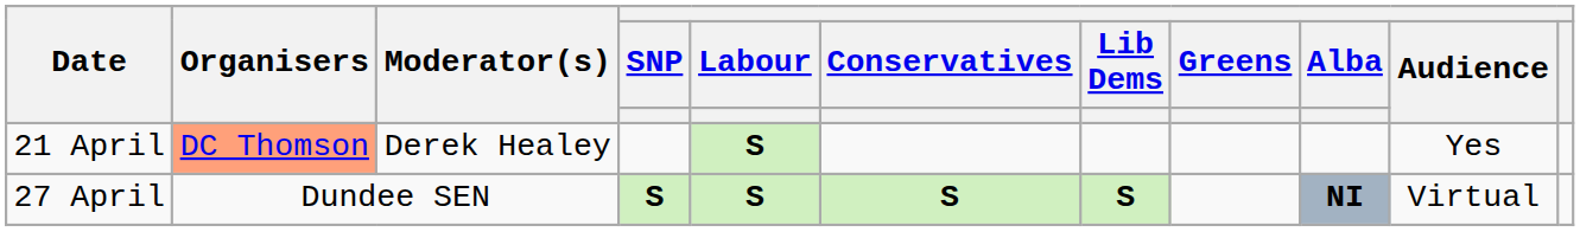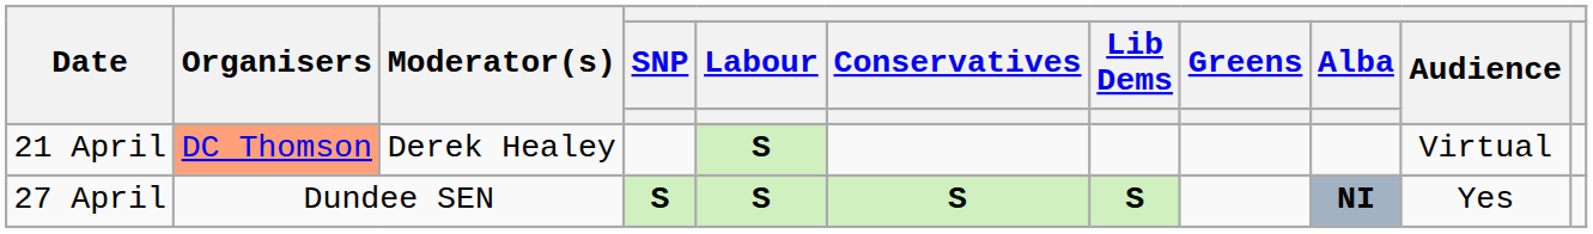 <table class="wikitable" style="font-size:95%; text-align:center;">
 <tr>
 <th rowspan="3">Date</th>
 <th rowspan="3">Organisers</th>
 <th rowspan="3">Moderator(s)</th>
 <th colspan="9">       </th>
 </tr>
 <tr>
 <th scope="col" style="width:5em;"><a href='#'>SNP</a></th>
 <th scope="col" style="width:5em;"><a href='#'>Labour</a></th>
 <th scope="col" style="width:5em;"><a href='#'>Conservatives</a></th>
 <th scope="col" style="width:5em;"><a href='#'>Lib Dems</a></th>
 <th scope="col" style="width:5em;"><a href='#'>Greens</a></th>
 <th scope="col" style="width:5em;"><a href='#'>Alba</a></th>
 <th rowspan="2" scope="col" style="width:5em;">Audience</th>
 <th rowspan="2"></th>
 </tr>
 <tr>
 <th style="background:"></th>
 <th style="background:"></th>
 <th style="background:"></th>
 <th style="background:"></th>
 <th style="background:"></th>
 <th style="background:"></th>
 </tr>
 <tr>
 <td style="white-space:nowrap; text-align:left;">21 April</td>
 <td style="background: lightsalmon; white-space:nowrap; text-align:center;"><a href='#'>DC Thomson</a></td>
 <td style="white-space:nowrap; text-align:left;">Derek Healey</td>
 <td></td>
 <td style="background:#D0F0C0; color:black; text-align:center;"><strong>S</strong><br></td>
 <td></td>
 <td></td>
 <td></td>
 <td></td>
-<td>Yes</td>
+<td>Virtual</td>
 <td></td>
 </tr>
 <tr>
 <td>27 April</td>
 <td colspan="2">Dundee SEN</td>
 <td style="background:#D0F0C0; color:black; text-align:center;"><strong>S</strong><br></td>
 <td style="background:#D0F0C0; color:black; text-align:center;"><strong>S</strong><br></td>
 <td style="background:#D0F0C0; color:black; text-align:center;"><strong>S</strong><br></td>
 <td style="background:#D0F0C0; color:black; text-align:center;"><strong>S</strong><br></td>
 <td></td>
 <td style="background:#A2B2C2; color:black; text-align:center;"><strong>NI</strong></td>
-<td>Virtual</td>
+<td>Yes</td>
 <td></td>
 </tr>
 </table>
